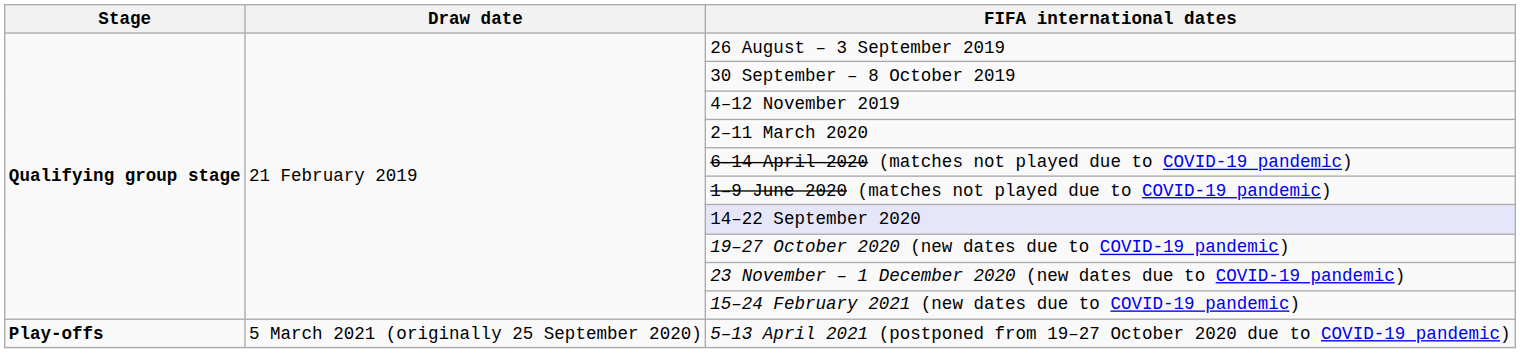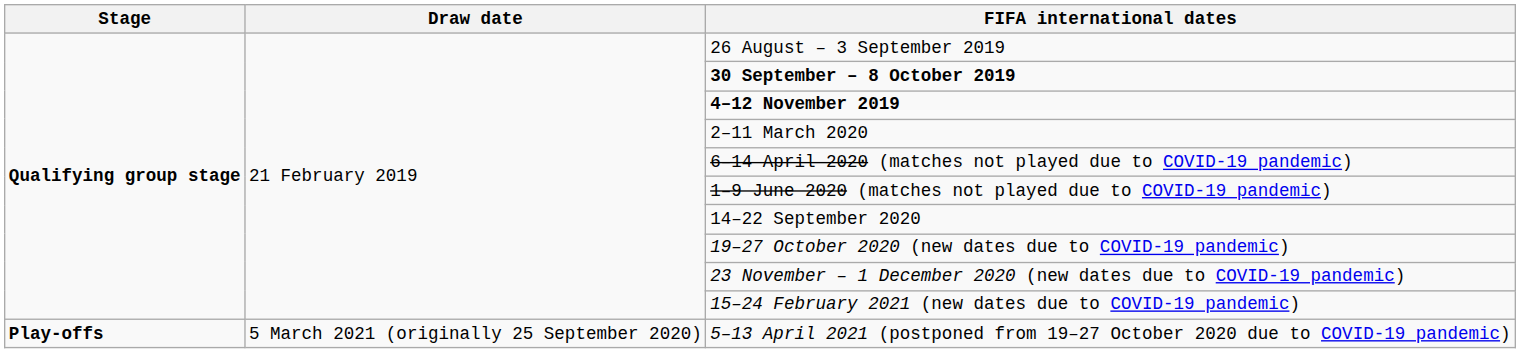 <table class="wikitable">
 <tr>
 <th>Stage</th>
 <th>Draw date</th>
 <th>FIFA international dates</th>
 </tr>
 <tr>
 <td rowspan="10"><strong>Qualifying group stage</strong></td>
 <td rowspan="10">21 February 2019</td>
 <td>26 August – 3 September 2019</td>
 </tr>
 <tr>
-<td>30 September – 8 October 2019</td>
+<td><strong>30 September – 8 October 2019</strong></td>
 </tr>
 <tr>
-<td>4–12 November 2019</td>
+<td><strong>4–12 November 2019</strong></td>
 </tr>
 <tr>
 <td>2–11 March 2020</td>
 </tr>
 <tr>
 <td><s>6–14 April 2020</s> (matches not played due to <a href='#'>COVID-19 pandemic</a>)</td>
 </tr>
 <tr>
 <td><s>1–9 June 2020</s> (matches not played due to <a href='#'>COVID-19 pandemic</a>)</td>
 </tr>
 <tr>
-<td style="background: lavender;">14–22 September 2020</td>
+<td>14–22 September 2020</td>
 </tr>
 <tr>
 <td><em>19–27 October 2020</em> (new dates due to <a href='#'>COVID-19 pandemic</a>)</td>
 </tr>
 <tr>
 <td><em>23 November – 1 December 2020</em> (new dates due to <a href='#'>COVID-19 pandemic</a>)</td>
 </tr>
 <tr>
 <td><em>15–24 February 2021</em> (new dates due to <a href='#'>COVID-19 pandemic</a>)</td>
 </tr>
 <tr>
 <td><strong>Play-offs</strong></td>
 <td>5 March 2021 (originally 25 September 2020)</td>
 <td><em>5–13 April 2021</em> (postponed from 19–27 October 2020 due to <a href='#'>COVID-19 pandemic</a>)</td>
 </tr>
 </table>
